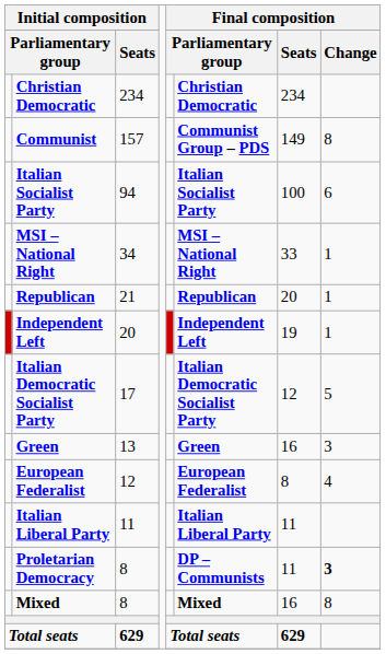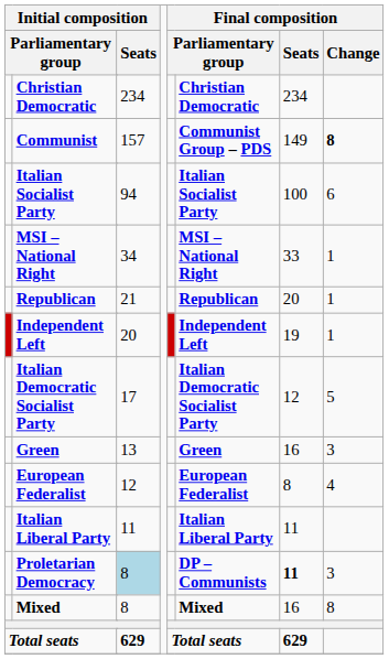 <table class="wikitable" style="width : 60%;">
 <tr>
 <th colspan="4">Initial composition</th>
 <td rowspan="30" style="width : 1%;"></td>
 <th colspan="5">Final composition</th>
 </tr>
 <tr>
 <th colspan="3">Parliamentary group</th>
 <th>Seats</th>
 <th colspan="3">Parliamentary group</th>
 <th>Seats</th>
 <th>Change</th>
 </tr>
 <tr>
 <td></td>
 <td colspan = "2"><strong><a href='#'>Christian Democratic</a></strong></td>
 <td>234</td>
 <td></td>
 <td colspan = "2"><strong><a href='#'>Christian Democratic</a></strong></td>
 <td>234</td>
 <td></td>
 </tr>
 <tr>
 <td></td>
 <td colspan = "2"><strong><a href='#'>Communist</a></strong></td>
 <td>157</td>
 <td></td>
 <td colspan = "2"><strong><a href='#'>Communist Group</a> – <a href='#'>PDS</a></strong></td>
 <td>149</td>
-<td> 8</td>
+<td><strong> 8</strong></td>
 </tr>
 <tr>
 <td></td>
 <td colspan = "2"><strong><a href='#'>Italian Socialist Party</a></strong></td>
 <td>94</td>
 <td></td>
 <td colspan = "2"><strong><a href='#'>Italian Socialist Party</a></strong></td>
 <td>100</td>
 <td> 6</td>
 </tr>
 <tr>
 <td></td>
 <td colspan = "2"><strong><a href='#'>MSI – National Right</a></strong></td>
 <td>34</td>
 <td></td>
 <td colspan = "2"><strong><a href='#'>MSI – National Right</a></strong></td>
 <td>33</td>
 <td> 1</td>
 </tr>
 <tr>
 <td></td>
 <td colspan = "2"><strong><a href='#'>Republican</a></strong></td>
 <td>21</td>
 <td></td>
 <td colspan = "2"><strong><a href='#'>Republican</a></strong></td>
 <td>20</td>
 <td> 1</td>
 </tr>
 <tr>
 <td bgcolor="#CC0000" width=1%></td>
 <td colspan = "2"><strong><a href='#'>Independent Left</a></strong></td>
 <td>20</td>
 <td bgcolor="#CC0000" width=1%></td>
 <td colspan = "2"><strong><a href='#'>Independent Left</a></strong></td>
 <td>19</td>
 <td> 1</td>
 </tr>
 <tr>
 <td></td>
 <td colspan = "2"><strong><a href='#'>Italian Democratic Socialist Party</a></strong></td>
 <td>17</td>
 <td></td>
 <td colspan = "2"><strong><a href='#'>Italian Democratic Socialist Party</a></strong></td>
 <td>12</td>
 <td> 5</td>
 </tr>
 <tr>
 <td></td>
 <td colspan = "2"><strong><a href='#'>Green</a></strong></td>
 <td>13</td>
 <td></td>
 <td colspan = "2"><strong><a href='#'>Green</a></strong></td>
 <td>16</td>
 <td> 3</td>
 </tr>
 <tr>
 <td></td>
 <td colspan = "2"><strong><a href='#'>European Federalist</a></strong></td>
 <td>12</td>
 <td></td>
 <td colspan = "2"><strong><a href='#'>European Federalist</a></strong></td>
 <td>8</td>
 <td> 4</td>
 </tr>
 <tr>
 <td></td>
 <td colspan = "2"><strong><a href='#'>Italian Liberal Party</a></strong></td>
 <td>11</td>
 <td></td>
 <td colspan = "2"><strong><a href='#'>Italian Liberal Party</a></strong></td>
 <td>11</td>
 <td></td>
 </tr>
 <tr>
 <td></td>
 <td colspan = "2"><strong><a href='#'>Proletarian Democracy</a></strong></td>
-<td>8</td>
+<td style="background: lightblue;">8</td>
 <td></td>
 <td colspan = "2"><strong><a href='#'>DP – Communists</a></strong></td>
-<td>11</td>
-<td><strong> 3</strong></td>
+<td><strong>11</strong></td>
+<td> 3</td>
 </tr>
 <tr>
 <td></td>
 <td colspan = "2"><strong>Mixed</strong></td>
 <td>8</td>
 <td></td>
 <td colspan = "2"><strong>Mixed</strong></td>
 <td>16</td>
 <td> 8</td>
 </tr>
 <tr>
 <th colspan="4"></th>
 <th colspan="5"></th>
 </tr>
 <tr>
 <td colspan="3"><strong><em>Total seats</em></strong></td>
 <td><strong>629</strong></td>
 <td colspan="3"><strong><em>Total seats</em></strong></td>
 <td><strong>629</strong></td>
 <td></td>
 </tr>
 <tr>
 </tr>
 </table>
